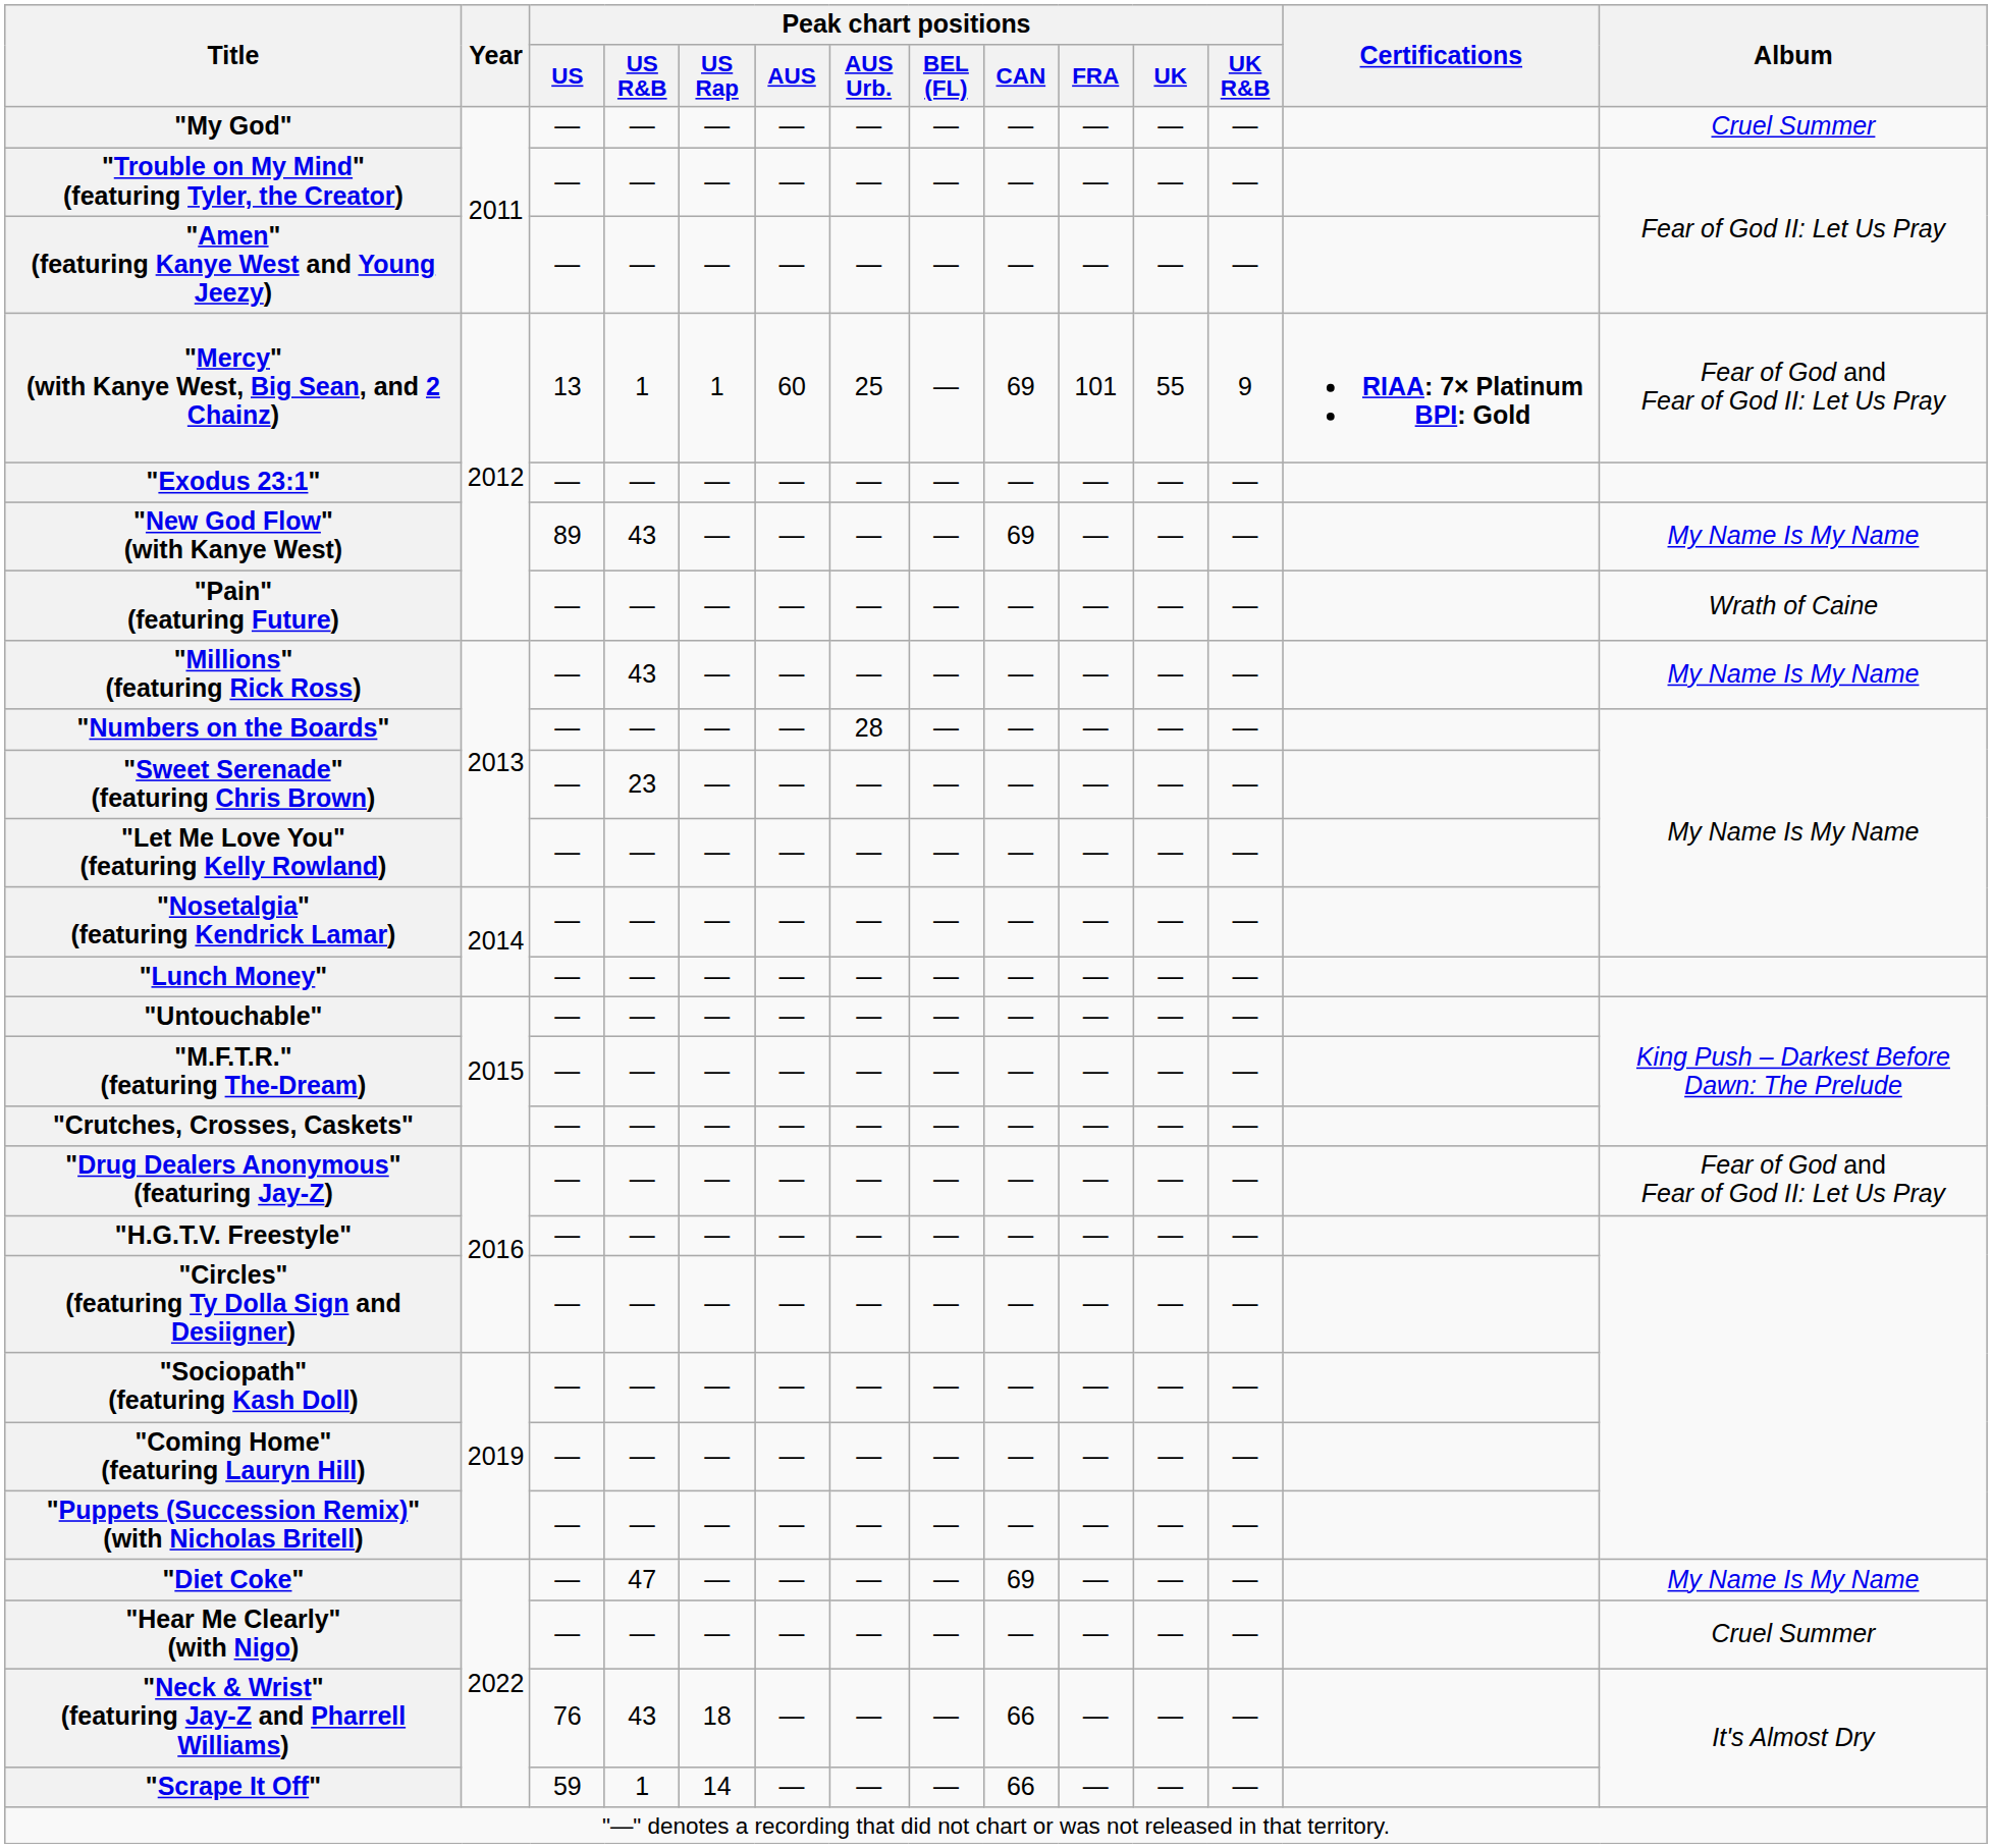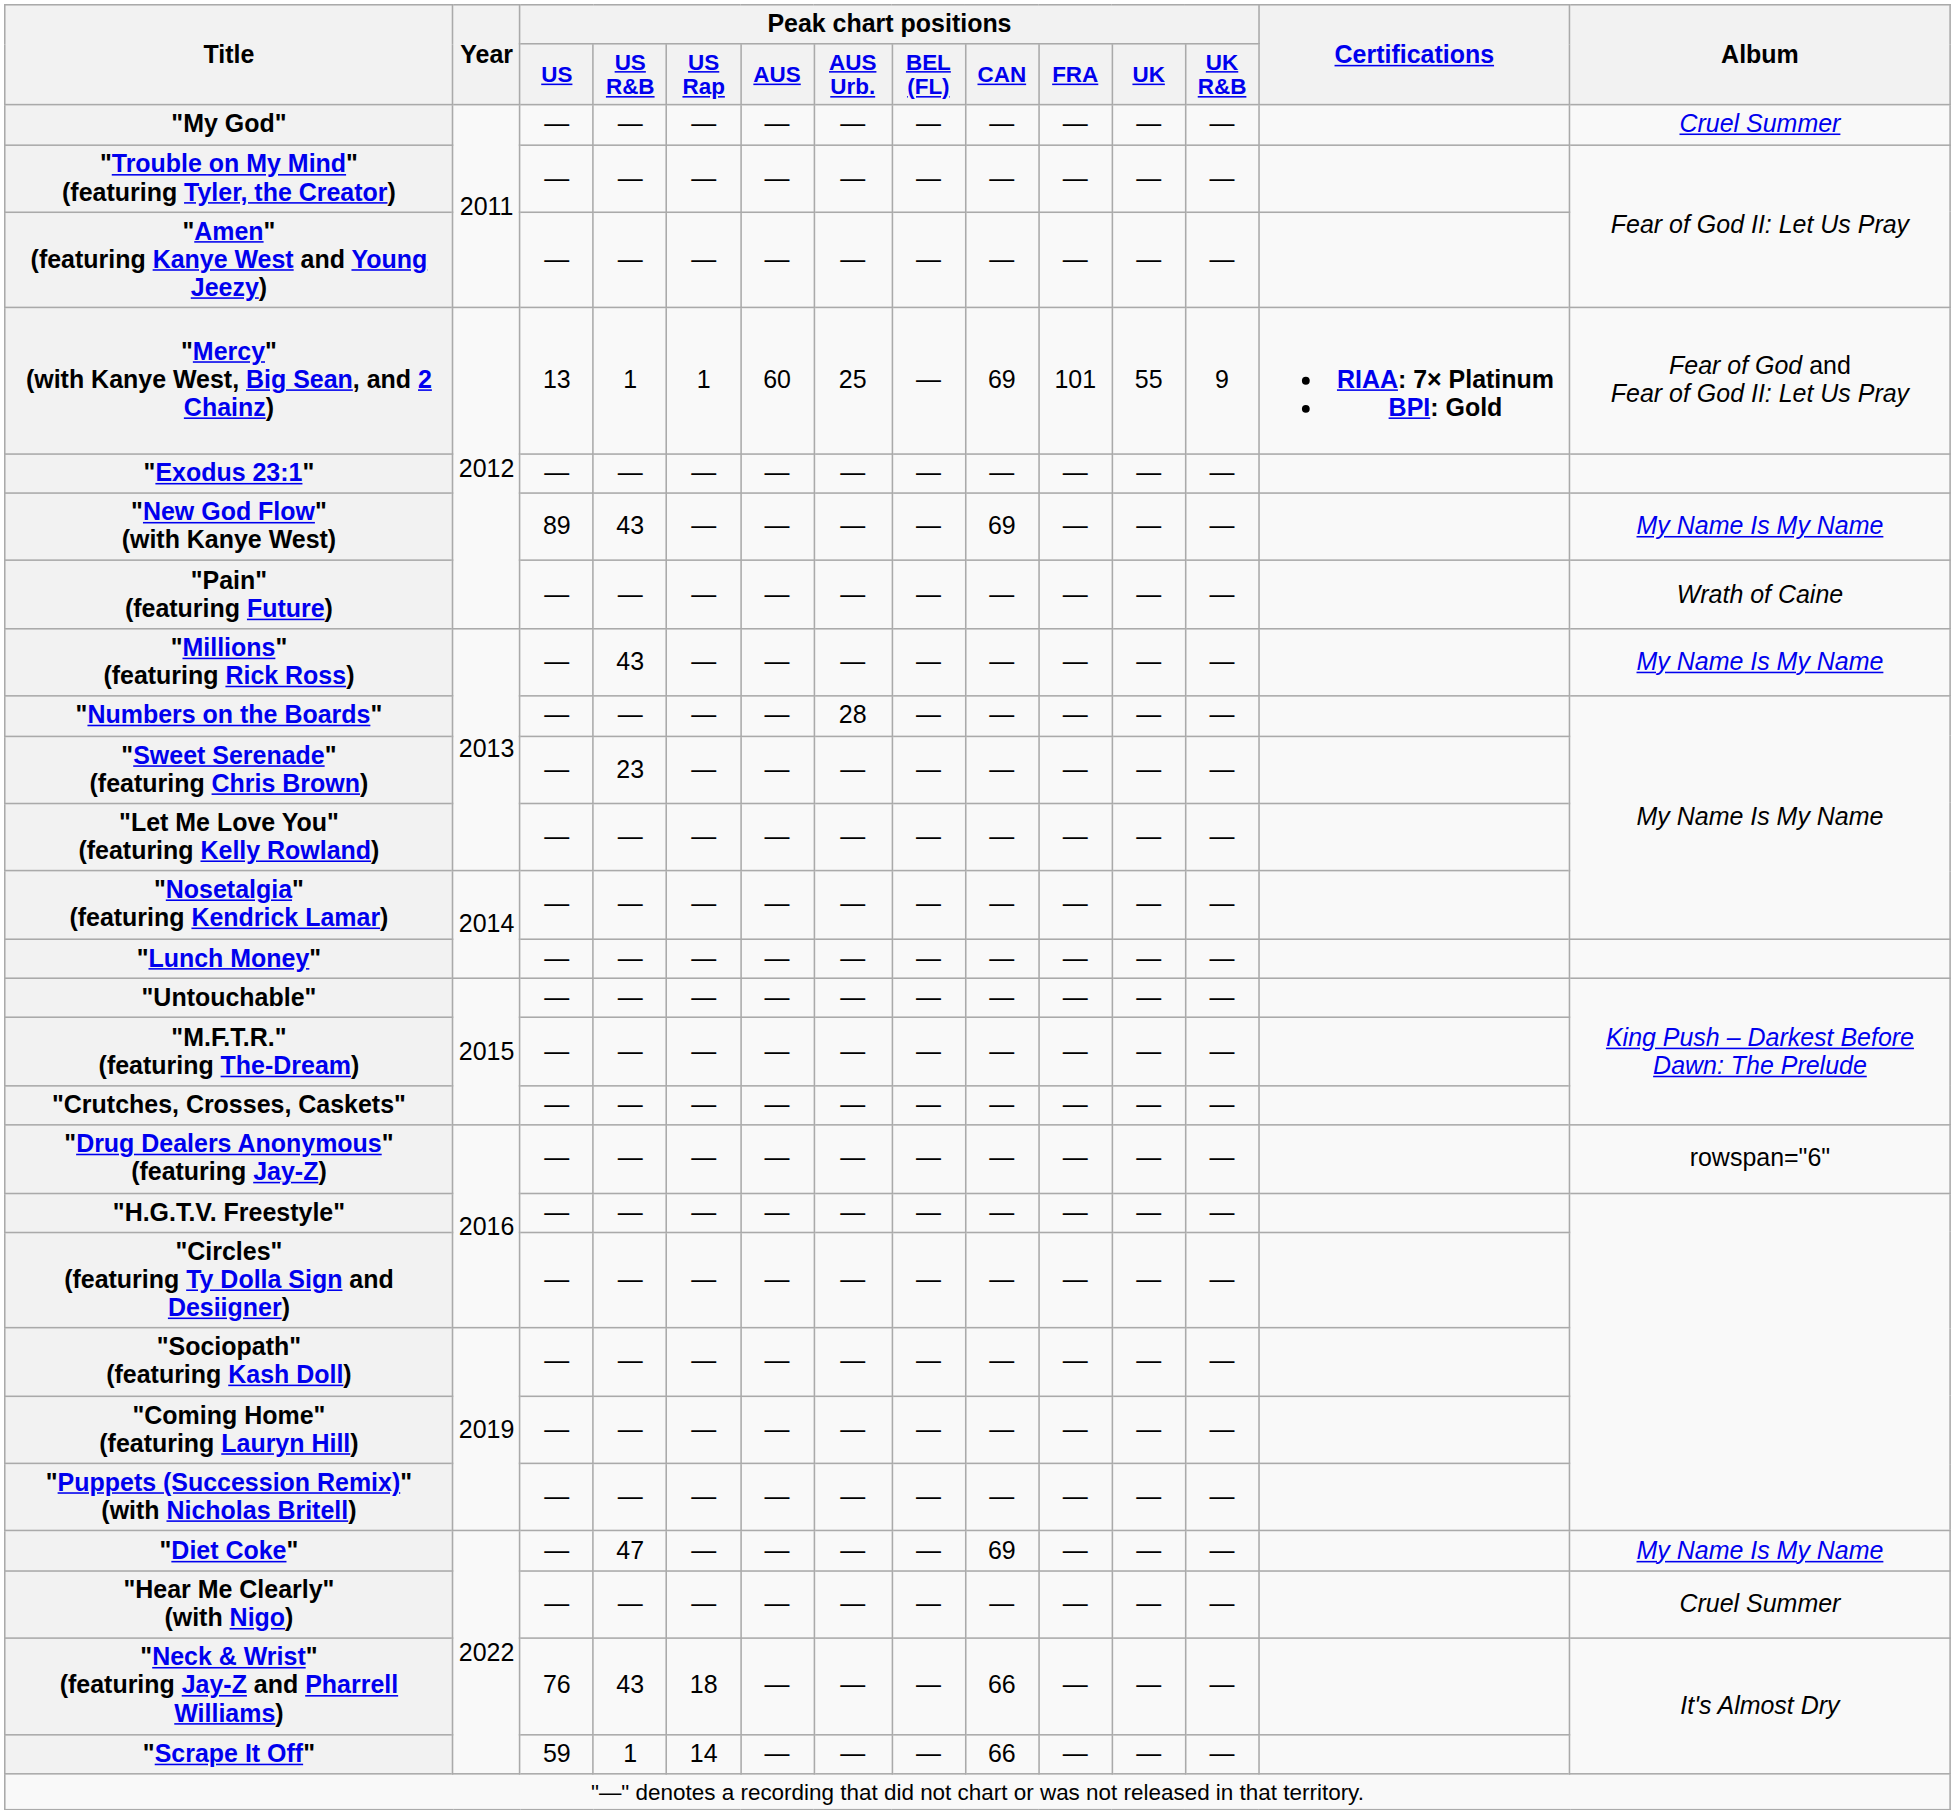 <table class="wikitable plainrowheaders" style="text-align:center;">
 <tr>
 <th scope="col" rowspan="2" style="width:17.5em;">Title</th>
 <th scope="col" rowspan="2">Year</th>
 <th scope="col" colspan="10">Peak chart positions</th>
 <th scope="col" rowspan="2" style="width:12em;"><a href='#'>Certifications</a></th>
 <th scope="col" rowspan="2">Album</th>
 </tr>
 <tr>
 <th scope="col" style="width:2.8em;font-size:90%;"><a href='#'>US</a><br></th>
 <th scope="col" style="width:2.8em;font-size:90%;"><a href='#'>US<br>R&B</a><br></th>
 <th scope="col" style="width:2.8em;font-size:90%;"><a href='#'>US<br>Rap</a><br></th>
 <th scope="col" style="width:2.8em;font-size:90%;"><a href='#'>AUS</a><br></th>
 <th scope="col" style="width:3em;font-size:90%;"><a href='#'>AUS<br>Urb.</a><br></th>
 <th scope="col" style="width:2.8em;font-size:90%;"><a href='#'>BEL<br>(FL)</a><br></th>
 <th scope="col" style="width:2.8em;font-size:90%;"><a href='#'>CAN</a><br></th>
 <th scope="col" style="width:2.8em;font-size:90%;"><a href='#'>FRA</a><br></th>
 <th scope="col" style="width:2.8em;font-size:90%;"><a href='#'>UK</a><br></th>
 <th scope="col" style="width:2.8em;font-size:90%;"><a href='#'>UK<br>R&B</a><br></th>
 </tr>
 <tr>
 <th scope="row">"My God"</th>
 <td rowspan="3">2011</td>
 <td>—</td>
 <td>—</td>
 <td>—</td>
 <td>—</td>
 <td>—</td>
 <td>—</td>
 <td>—</td>
 <td>—</td>
 <td>—</td>
 <td>—</td>
 <td></td>
 <td><em><a href='#'>Cruel Summer</a></em></td>
 </tr>
 <tr>
 <th scope="row">"<a href='#'>Trouble on My Mind</a>"<br><span>(featuring <a href='#'>Tyler, the Creator</a>)</span></th>
 <td>—</td>
 <td>—</td>
 <td>—</td>
 <td>—</td>
 <td>—</td>
 <td>—</td>
 <td>—</td>
 <td>—</td>
 <td>—</td>
 <td>—</td>
 <td></td>
 <td rowspan="2"><em>Fear of God II: Let Us Pray</em></td>
 </tr>
 <tr>
 <th scope="row">"<a href='#'>Amen</a>"<br><span>(featuring <a href='#'>Kanye West</a> and <a href='#'>Young Jeezy</a>)</span></th>
 <td>—</td>
 <td>—</td>
 <td>—</td>
 <td>—</td>
 <td>—</td>
 <td>—</td>
 <td>—</td>
 <td>—</td>
 <td>—</td>
 <td>—</td>
 <td></td>
 </tr>
 <tr>
 <th scope="row">"<a href='#'>Mercy</a>"<br><span>(with Kanye West, <a href='#'>Big Sean</a>, and <a href='#'>2 Chainz</a>)</span></th>
 <td rowspan="4">2012</td>
 <td>13</td>
 <td>1</td>
 <td>1</td>
 <td>60</td>
 <td>25</td>
 <td>—</td>
 <td>69</td>
 <td>101</td>
 <td>55</td>
 <td>9</td>
 <td><strong><br><ul><li><a href='#'>RIAA</a>: 7× Platinum</li><li><a href='#'>BPI</a>: Gold</li></ul></strong></td>
 <td><em>Fear of God</em> and<br><em>Fear of God II: Let Us Pray</em></td>
 </tr>
 <tr>
 <th scope="row">"<a href='#'>Exodus 23:1</a>"</th>
 <td>—</td>
 <td>—</td>
 <td>—</td>
 <td>—</td>
 <td>—</td>
 <td>—</td>
 <td>—</td>
 <td>—</td>
 <td>—</td>
 <td>—</td>
 <td></td>
 <td></td>
 </tr>
 <tr>
 <th scope="row">"<a href='#'>New God Flow</a>"<br><span>(with Kanye West)</span></th>
 <td>89</td>
 <td>43</td>
 <td>—</td>
 <td>—</td>
 <td>—</td>
 <td>—</td>
 <td>69</td>
 <td>—</td>
 <td>—</td>
 <td>—</td>
 <td></td>
 <td><em><a href='#'>My Name Is My Name</a></em></td>
 </tr>
 <tr>
 <th scope="row">"Pain"<br><span>(featuring <a href='#'>Future</a>)</span></th>
 <td>—</td>
 <td>—</td>
 <td>—</td>
 <td>—</td>
 <td>—</td>
 <td>—</td>
 <td>—</td>
 <td>—</td>
 <td>—</td>
 <td>—</td>
 <td></td>
 <td><em>Wrath of Caine</em></td>
 </tr>
 <tr>
 <th scope="row">"<a href='#'>Millions</a>"<br><span>(featuring <a href='#'>Rick Ross</a>)</span></th>
 <td rowspan="4">2013</td>
 <td>—</td>
 <td>43</td>
 <td>—</td>
 <td>—</td>
 <td>—</td>
 <td>—</td>
 <td>—</td>
 <td>—</td>
 <td>—</td>
 <td>—</td>
 <td></td>
 <td><em><a href='#'>My Name Is My Name</a></em></td>
 </tr>
 <tr>
 <th scope="row">"<a href='#'>Numbers on the Boards</a>"</th>
 <td>—</td>
 <td>—</td>
 <td>—</td>
 <td>—</td>
 <td>28</td>
 <td>—</td>
 <td>—</td>
 <td>—</td>
 <td>—</td>
 <td>—</td>
 <td></td>
 <td rowspan="4"><em>My Name Is My Name</em></td>
 </tr>
 <tr>
 <th scope="row">"<a href='#'>Sweet Serenade</a>"<br><span>(featuring <a href='#'>Chris Brown</a>)</span></th>
 <td>—</td>
 <td>23</td>
 <td>—</td>
 <td>—</td>
 <td>—</td>
 <td>—</td>
 <td>—</td>
 <td>—</td>
 <td>—</td>
 <td>—</td>
 <td></td>
 </tr>
 <tr>
 <th scope="row">"Let Me Love You"<br><span>(featuring <a href='#'>Kelly Rowland</a>)</span></th>
 <td>—</td>
 <td>—</td>
 <td>—</td>
 <td>—</td>
 <td>—</td>
 <td>—</td>
 <td>—</td>
 <td>—</td>
 <td>—</td>
 <td>—</td>
 <td></td>
 </tr>
 <tr>
 <th scope="row">"<a href='#'>Nosetalgia</a>"<br><span>(featuring <a href='#'>Kendrick Lamar</a>)</span></th>
 <td rowspan="2">2014</td>
 <td>—</td>
 <td>—</td>
 <td>—</td>
 <td>—</td>
 <td>—</td>
 <td>—</td>
 <td>—</td>
 <td>—</td>
 <td>—</td>
 <td>—</td>
 <td></td>
 </tr>
 <tr>
 <th scope="row">"<a href='#'>Lunch Money</a>"</th>
 <td>—</td>
 <td>—</td>
 <td>—</td>
 <td>—</td>
 <td>—</td>
 <td>—</td>
 <td>—</td>
 <td>—</td>
 <td>—</td>
 <td>—</td>
 <td></td>
 <td></td>
 </tr>
 <tr>
 <th scope="row">"Untouchable"</th>
 <td rowspan="3">2015</td>
 <td>—</td>
 <td>—</td>
 <td>—</td>
 <td>—</td>
 <td>—</td>
 <td>—</td>
 <td>—</td>
 <td>—</td>
 <td>—</td>
 <td>—</td>
 <td></td>
 <td rowspan="3"><em><a href='#'>King Push – Darkest Before Dawn: The Prelude</a></em></td>
 </tr>
 <tr>
 <th scope="row">"M.F.T.R."<br><span>(featuring <a href='#'>The-Dream</a>)</span></th>
 <td>—</td>
 <td>—</td>
 <td>—</td>
 <td>—</td>
 <td>—</td>
 <td>—</td>
 <td>—</td>
 <td>—</td>
 <td>—</td>
 <td>—</td>
 <td></td>
 </tr>
 <tr>
 <th scope="row">"Crutches, Crosses, Caskets"</th>
 <td>—</td>
 <td>—</td>
 <td>—</td>
 <td>—</td>
 <td>—</td>
 <td>—</td>
 <td>—</td>
 <td>—</td>
 <td>—</td>
 <td>—</td>
 <td></td>
 </tr>
 <tr>
 <th scope="row">"<a href='#'>Drug Dealers Anonymous</a>"<br><span>(featuring <a href='#'>Jay-Z</a>)</span></th>
 <td rowspan="3">2016</td>
 <td>—</td>
 <td>—</td>
 <td>—</td>
 <td>—</td>
 <td>—</td>
 <td>—</td>
 <td>—</td>
 <td>—</td>
 <td>—</td>
 <td>—</td>
 <td></td>
-<td><em>Fear of God</em> and<br><em>Fear of God II: Let Us Pray</em></td>
+<td>rowspan="6" </td>
 </tr>
 <tr>
 <th scope="row">"H.G.T.V. Freestyle"</th>
 <td>—</td>
 <td>—</td>
 <td>—</td>
 <td>—</td>
 <td>—</td>
 <td>—</td>
 <td>—</td>
 <td>—</td>
 <td>—</td>
 <td>—</td>
 <td></td>
 </tr>
 <tr>
 <th scope="row">"Circles"<br><span>(featuring <a href='#'>Ty Dolla Sign</a> and <a href='#'>Desiigner</a>)</span></th>
 <td>—</td>
 <td>—</td>
 <td>—</td>
 <td>—</td>
 <td>—</td>
 <td>—</td>
 <td>—</td>
 <td>—</td>
 <td>—</td>
 <td>—</td>
 <td></td>
 </tr>
 <tr>
 <th scope="row">"Sociopath"<br><span>(featuring <a href='#'>Kash Doll</a>)</span></th>
 <td rowspan="3">2019</td>
 <td>—</td>
 <td>—</td>
 <td>—</td>
 <td>—</td>
 <td>—</td>
 <td>—</td>
 <td>—</td>
 <td>—</td>
 <td>—</td>
 <td>—</td>
 <td></td>
 </tr>
 <tr>
 <th scope="row">"Coming Home"<br><span>(featuring <a href='#'>Lauryn Hill</a>)</span></th>
 <td>—</td>
 <td>—</td>
 <td>—</td>
 <td>—</td>
 <td>—</td>
 <td>—</td>
 <td>—</td>
 <td>—</td>
 <td>—</td>
 <td>—</td>
 <td></td>
 </tr>
 <tr>
 <th scope="row">"<a href='#'>Puppets (Succession Remix)</a>"<br><span>(with <a href='#'>Nicholas Britell</a>)</span></th>
 <td>—</td>
 <td>—</td>
 <td>—</td>
 <td>—</td>
 <td>—</td>
 <td>—</td>
 <td>—</td>
 <td>—</td>
 <td>—</td>
 <td>—</td>
 <td></td>
 </tr>
 <tr>
 <th scope="row">"<a href='#'>Diet Coke</a>"</th>
 <td rowspan="4">2022</td>
 <td>—</td>
 <td>47</td>
 <td>—</td>
 <td>—</td>
 <td>—</td>
 <td>—</td>
 <td>69</td>
 <td>—</td>
 <td>—</td>
 <td>—</td>
 <td></td>
 <td><em><a href='#'>My Name Is My Name</a></em></td>
 </tr>
 <tr>
 <th scope="row">"Hear Me Clearly"<br><span>(with <a href='#'>Nigo</a>)</span></th>
 <td>—</td>
 <td>—</td>
 <td>—</td>
 <td>—</td>
 <td>—</td>
 <td>—</td>
 <td>—</td>
 <td>—</td>
 <td>—</td>
 <td>—</td>
 <td></td>
 <td><em>Cruel Summer</em></td>
 </tr>
 <tr>
 <th scope="row">"<a href='#'>Neck & Wrist</a>"<br><span>(featuring <a href='#'>Jay-Z</a> and <a href='#'>Pharrell Williams</a>)</span></th>
 <td>76</td>
 <td>43</td>
 <td>18</td>
 <td>—</td>
 <td>—</td>
 <td>—</td>
 <td>66</td>
 <td>—</td>
 <td>—</td>
 <td>—</td>
 <td></td>
 <td rowspan="2"><em>It's Almost Dry</em></td>
 </tr>
 <tr>
 <th scope="row">"<a href='#'>Scrape It Off</a>"<br></th>
 <td>59</td>
 <td>1</td>
 <td>14</td>
 <td>—</td>
 <td>—</td>
 <td>—</td>
 <td>66</td>
 <td>—</td>
 <td>—</td>
 <td>—</td>
 <td></td>
 </tr>
 <tr>
 <td colspan="14" style="font-size:90%">"—" denotes a recording that did not chart or was not released in that territory.</td>
 </tr>
 </table>
